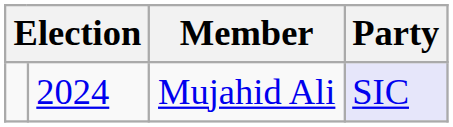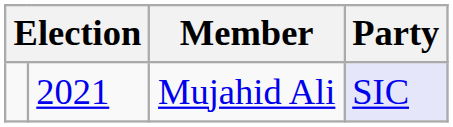 <table class="wikitable">
 <tr>
 <th colspan="2">Election</th>
 <th>Member</th>
 <th>Party</th>
 </tr>
 <tr>
 <td style="background-color: "></td>
-<td><a href='#'>2024</a></td>
+<td><a href='#'>2021</a></td>
 <td><a href='#'>Mujahid Ali</a></td>
 <td style="background: lavender;"><a href='#'>SIC</a></td>
 </tr>
 </table>
